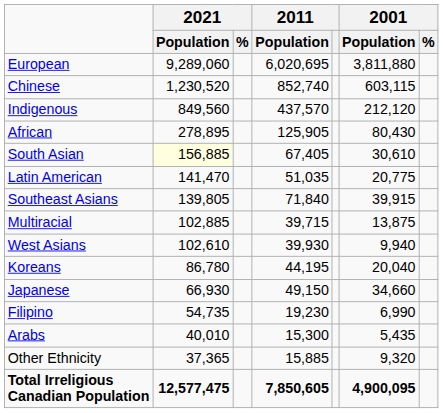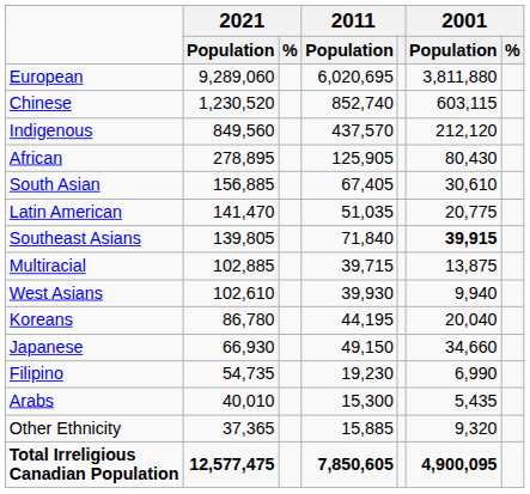 <table class="wikitable" style="text-align:right">
 <tr>
 <td rowspan=2></td>
 <th style="text-align:center;" colspan="2"><big>2021</big><br></th>
 <th style="text-align:center;" colspan="2"><big>2011</big><br></th>
 <th style="text-align:center;" colspan="2"><big>2001</big><br></th>
 </tr>
 <tr>
 <th>Population</th>
 <th>%</th>
 <th>Population</th>
 <th></th>
 <th>Population</th>
 <th>%</th>
 </tr>
 <tr>
 <td style="text-align:left"><a href='#'>European</a></td>
 <td>9,289,060</td>
 <td></td>
 <td>6,020,695</td>
 <td></td>
 <td>3,811,880</td>
 <td></td>
 </tr>
 <tr>
 <td style="text-align:left"><a href='#'>Chinese</a></td>
 <td>1,230,520</td>
 <td></td>
 <td>852,740</td>
 <td></td>
 <td>603,115</td>
 <td></td>
 </tr>
 <tr>
 <td style="text-align:left"><a href='#'>Indigenous</a></td>
 <td>849,560</td>
 <td></td>
 <td>437,570</td>
 <td></td>
 <td>212,120</td>
 <td></td>
 </tr>
 <tr>
 <td style="text-align:left"><a href='#'>African</a></td>
 <td>278,895</td>
 <td></td>
 <td>125,905</td>
 <td></td>
 <td>80,430</td>
 <td></td>
 </tr>
 <tr>
 <td style="text-align:left"><a href='#'>South Asian</a></td>
-<td style="background: lightyellow;">156,885</td>
+<td>156,885</td>
 <td></td>
 <td>67,405</td>
 <td></td>
 <td>30,610</td>
 <td></td>
 </tr>
 <tr>
 <td style="text-align:left"><a href='#'>Latin American</a></td>
 <td>141,470</td>
 <td></td>
 <td>51,035</td>
 <td></td>
 <td>20,775</td>
 <td></td>
 </tr>
 <tr>
 <td style="text-align:left"><a href='#'>Southeast Asians</a></td>
 <td>139,805</td>
 <td></td>
 <td>71,840</td>
 <td></td>
-<td>39,915</td>
+<td><strong>39,915</strong></td>
 <td></td>
 </tr>
 <tr>
 <td style="text-align:left"><a href='#'>Multiracial</a></td>
 <td>102,885</td>
 <td></td>
 <td>39,715</td>
 <td></td>
 <td>13,875</td>
 <td></td>
 </tr>
 <tr>
 <td style="text-align:left"><a href='#'>West Asians</a></td>
 <td>102,610</td>
 <td></td>
 <td>39,930</td>
 <td></td>
 <td>9,940</td>
 <td></td>
 </tr>
 <tr>
 <td style="text-align:left"><a href='#'>Koreans</a></td>
 <td>86,780</td>
 <td></td>
 <td>44,195</td>
 <td></td>
 <td>20,040</td>
 <td></td>
 </tr>
 <tr>
 <td style="text-align:left"><a href='#'>Japanese</a></td>
 <td>66,930</td>
 <td></td>
 <td>49,150</td>
 <td></td>
 <td>34,660</td>
 <td></td>
 </tr>
 <tr>
 <td style="text-align:left"><a href='#'>Filipino</a></td>
 <td>54,735</td>
 <td></td>
 <td>19,230</td>
 <td></td>
 <td>6,990</td>
 <td></td>
 </tr>
 <tr>
 <td style="text-align:left"><a href='#'>Arabs</a></td>
 <td>40,010</td>
 <td></td>
 <td>15,300</td>
 <td></td>
 <td>5,435</td>
 <td></td>
 </tr>
 <tr>
 <td style="text-align:left">Other Ethnicity</td>
 <td>37,365</td>
 <td></td>
 <td>15,885</td>
 <td></td>
 <td>9,320</td>
 <td></td>
 </tr>
 <tr>
 <td style="text-align:left"> <strong>Total Irreligious<br>Canadian Population</strong></td>
 <td><strong>12,577,475</strong></td>
 <td><strong></strong></td>
 <td><strong>7,850,605</strong></td>
 <td><strong></strong></td>
 <td><strong>4,900,095</strong></td>
 <td><strong></strong></td>
 </tr>
 </table>
